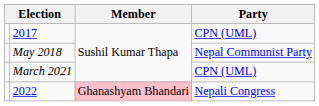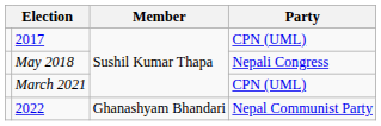 <table class="wikitable">
 <tr>
 <th colspan="2">Election</th>
 <th>Member</th>
 <th>Party</th>
 </tr>
 <tr>
 <td style="color:inherit;background:"></td>
 <td><a href='#'>2017</a></td>
 <td rowspan="3">Sushil Kumar Thapa</td>
 <td><a href='#'>CPN (UML)</a></td>
 </tr>
 <tr>
 <td style="color:inherit;background:"></td>
 <td><em>May 2018</em></td>
-<td><a href='#'>Nepal Communist Party</a></td>
+<td><a href='#'>Nepali Congress</a></td>
 </tr>
 <tr>
 <td style="color:inherit;background:"></td>
 <td><em>March 2021</em></td>
 <td><a href='#'>CPN (UML)</a></td>
 </tr>
 <tr>
 <td style="color:inherit;background:"></td>
 <td><a href='#'>2022</a></td>
-<td style="background: pink;">Ghanashyam Bhandari</td>
-<td><a href='#'>Nepali Congress</a></td>
+<td>Ghanashyam Bhandari</td>
+<td><a href='#'>Nepal Communist Party</a></td>
 </tr>
 </table>
